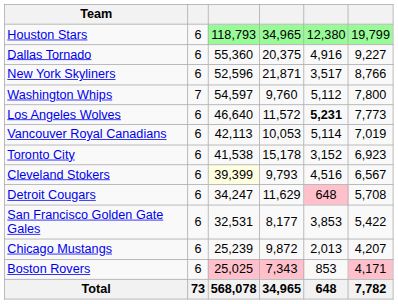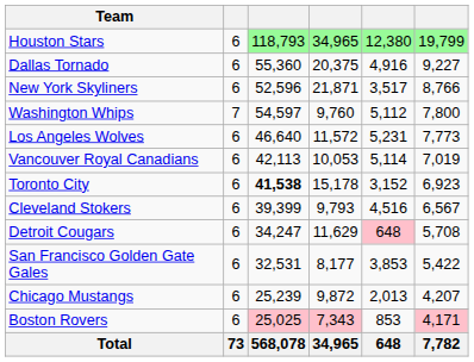 <table class="wikitable sortable" style="text-align:center">
 <tr>
 <th width=225>Team</th>
 <th></th>
 <th width=45></th>
 <th width=45></th>
 <th width=45></th>
 <th width=45></th>
 </tr>
 <tr>
 <td align=left><a href='#'>Houston Stars</a></td>
 <td>6</td>
 <td align=center bgcolor="#98FB98">118,793</td>
 <td align=center bgcolor="#98FB98">34,965</td>
 <td align=center bgcolor="#98FB98">12,380</td>
 <td align=center bgcolor="#98FB98">19,799</td>
 </tr>
 <tr>
 <td align=left><a href='#'>Dallas Tornado</a></td>
 <td>6</td>
 <td>55,360</td>
 <td>20,375</td>
 <td>4,916</td>
 <td>9,227</td>
 </tr>
 <tr>
 <td align=left><a href='#'>New York Skyliners</a></td>
 <td>6</td>
 <td>52,596</td>
 <td>21,871</td>
 <td>3,517</td>
 <td>8,766</td>
 </tr>
 <tr>
 <td align=left><a href='#'>Washington Whips</a></td>
 <td>7</td>
 <td>54,597</td>
 <td>9,760</td>
 <td>5,112</td>
 <td>7,800</td>
 </tr>
 <tr>
 <td align=left><a href='#'>Los Angeles Wolves</a></td>
 <td>6</td>
 <td>46,640</td>
 <td>11,572</td>
-<td><strong>5,231</strong></td>
+<td>5,231</td>
 <td>7,773</td>
 </tr>
 <tr>
 <td align=left><a href='#'>Vancouver Royal Canadians</a></td>
 <td>6</td>
 <td>42,113</td>
 <td>10,053</td>
 <td>5,114</td>
 <td>7,019</td>
 </tr>
 <tr>
 <td align=left><a href='#'>Toronto City</a></td>
 <td>6</td>
-<td>41,538</td>
+<td><strong>41,538</strong></td>
 <td>15,178</td>
 <td>3,152</td>
 <td>6,923</td>
 </tr>
 <tr>
 <td align=left><a href='#'>Cleveland Stokers</a></td>
 <td>6</td>
-<td style="background: lightyellow;">39,399</td>
+<td>39,399</td>
 <td>9,793</td>
 <td>4,516</td>
 <td>6,567</td>
 </tr>
 <tr>
 <td align=left><a href='#'>Detroit Cougars</a></td>
 <td>6</td>
 <td>34,247</td>
 <td>11,629</td>
 <td align=center bgcolor="#FFC0CB">648</td>
 <td>5,708</td>
 </tr>
 <tr>
 <td align=left><a href='#'>San Francisco Golden Gate Gales</a></td>
 <td>6</td>
 <td>32,531</td>
 <td>8,177</td>
 <td>3,853</td>
 <td>5,422</td>
 </tr>
 <tr>
 <td align=left><a href='#'>Chicago Mustangs</a></td>
 <td>6</td>
 <td>25,239</td>
 <td>9,872</td>
 <td>2,013</td>
 <td>4,207</td>
 </tr>
 <tr>
 <td align=left><a href='#'>Boston Rovers</a></td>
 <td>6</td>
 <td align=center bgcolor="#FFC0CB">25,025</td>
 <td align=center bgcolor="#FFC0CB">7,343</td>
 <td>853</td>
 <td align=center bgcolor="#FFC0CB">4,171</td>
 </tr>
 <tr>
 <th>Total</th>
 <th>73</th>
 <th>568,078</th>
 <th>34,965</th>
 <th>648</th>
 <th>7,782</th>
 </tr>
 </table>
